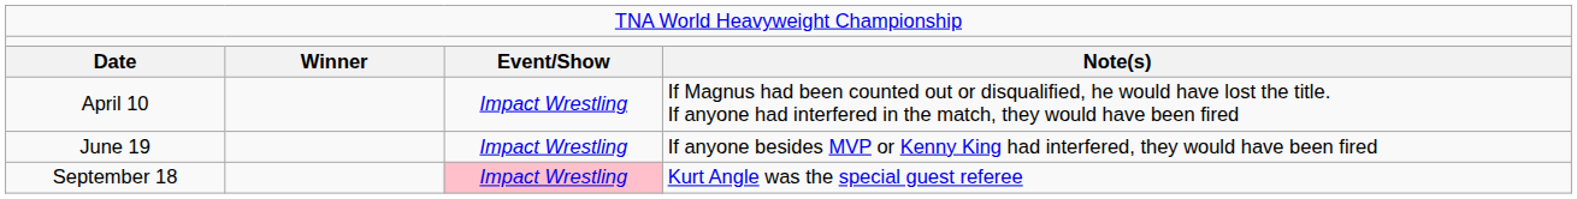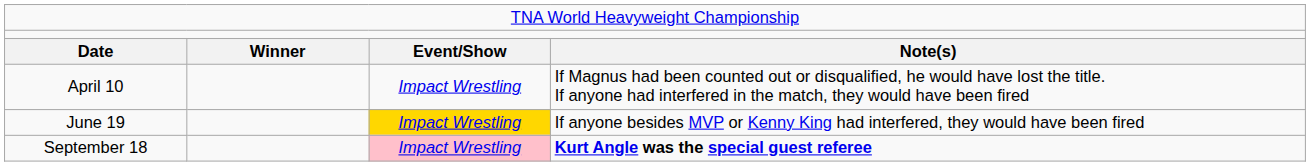 <table class="wikitable" style="text-align:center; width:100%;">
 <tr>
 <td colspan="5"><a href='#'>TNA World Heavyweight Championship</a></td>
 </tr>
 <tr>
 <td colspan="5"><strong></strong></td>
 </tr>
 <tr>
 <th width="14%">Date</th>
 <th width="14%">Winner</th>
 <th width="14%">Event/Show</th>
 <th width="58%">Note(s)</th>
 </tr>
 <tr>
 <td>April 10</td>
 <td></td>
 <td><em><a href='#'>Impact Wrestling</a></em></td>
 <td align="left">If Magnus had been counted out or disqualified, he would have lost the title.<br>If anyone had interfered in the match, they would have been fired</td>
 </tr>
 <tr>
 <td>June 19</td>
 <td></td>
-<td><em><a href='#'>Impact Wrestling</a></em></td>
+<td style="background: gold;"><em><a href='#'>Impact Wrestling</a></em></td>
 <td align="left">If anyone besides <a href='#'>MVP</a> or <a href='#'>Kenny King</a> had interfered, they would have been fired</td>
 </tr>
 <tr>
 <td>September 18<br></td>
 <td></td>
 <td style="background: pink;"><em><a href='#'>Impact Wrestling</a></em></td>
-<td align="left"><a href='#'>Kurt Angle</a> was the <a href='#'>special guest referee</a></td>
+<td align="left"><strong><a href='#'>Kurt Angle</a> was the <a href='#'>special guest referee</a></strong></td>
 </tr>
 </table>
